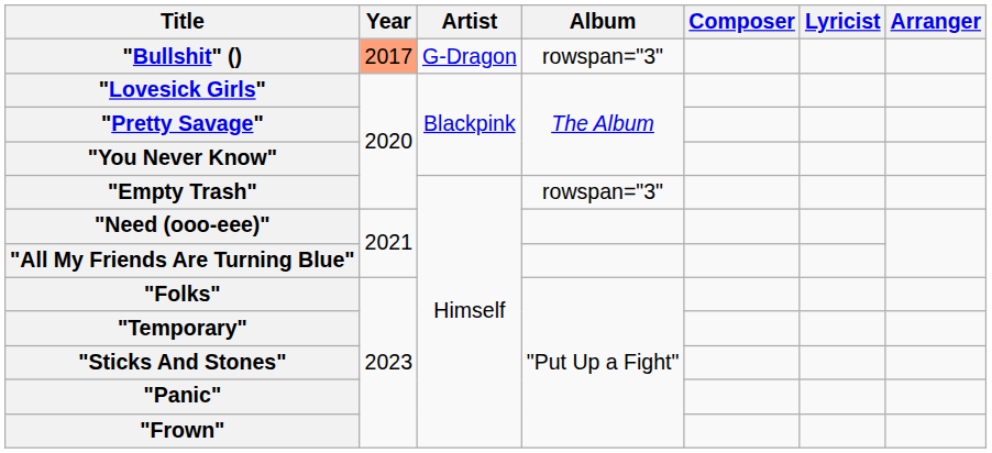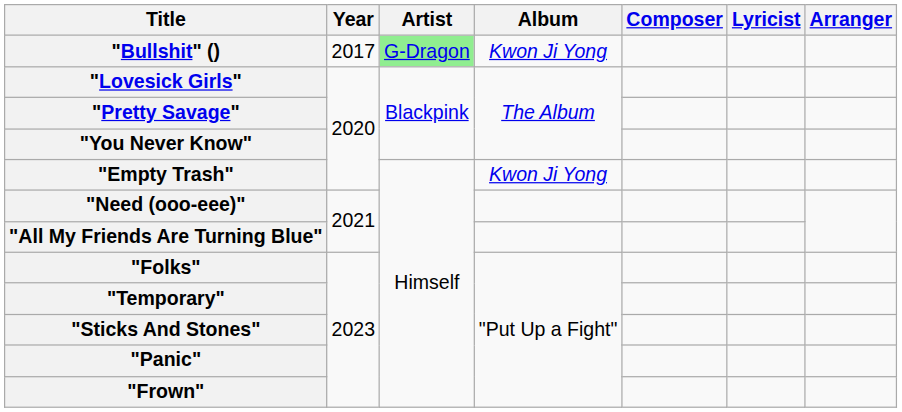 <table class="wikitable plainrowheaders" style="text-align:center">
 <tr>
 <th scope="col">Title</th>
 <th scope="col">Year</th>
 <th scope="col">Artist</th>
 <th scope="col">Album</th>
 <th scope="col"><a href='#'>Composer</a></th>
 <th scope="col"><a href='#'>Lyricist</a></th>
 <th scope="col"><a href='#'>Arranger</a></th>
 </tr>
 <tr>
 <th scope="row">"<a href='#'>Bullshit</a>" ()</th>
-<td style="background: lightsalmon;">2017</td>
-<td><a href='#'>G-Dragon</a></td>
-<td>rowspan="3" </td>
+<td>2017</td>
+<td style="background: lightgreen;"><a href='#'>G-Dragon</a></td>
+<td><em><a href='#'>Kwon Ji Yong</a></em></td>
 <td></td>
 <td></td>
 <td></td>
 </tr>
 <tr>
 <th scope="row">"<a href='#'>Lovesick Girls</a>"</th>
 <td rowspan="4">2020</td>
 <td rowspan="3"><a href='#'>Blackpink</a></td>
 <td rowspan="3"><em><a href='#'>The Album</a></em></td>
 <td></td>
 <td></td>
 <td></td>
 </tr>
 <tr>
 <th scope="row">"<a href='#'>Pretty Savage</a>"</th>
 <td></td>
 <td></td>
 <td></td>
 </tr>
 <tr>
 <th scope="row">"You Never Know"</th>
 <td></td>
 <td></td>
 <td></td>
 </tr>
 <tr>
 <th scope="row">"Empty Trash"</th>
 <td rowspan="8">Himself</td>
-<td>rowspan="3" </td>
+<td><em><a href='#'>Kwon Ji Yong</a></em></td>
 <td></td>
 <td></td>
 <td></td>
 </tr>
 <tr>
 <th scope="row">"Need (ooo-eee)"</th>
 <td rowspan="2">2021</td>
 <td></td>
 <td></td>
 <td></td>
 </tr>
 <tr>
 <th scope="row">"All My Friends Are Turning Blue"</th>
 <td></td>
 <td></td>
 <td></td>
 </tr>
 <tr>
 <th scope="row">"Folks"</th>
 <td rowspan="5">2023</td>
 <td rowspan="5">"Put Up a Fight"</td>
 <td></td>
 <td></td>
 <td></td>
 </tr>
 <tr>
 <th scope="row">"Temporary"</th>
 <td></td>
 <td></td>
 <td></td>
 </tr>
 <tr>
 <th scope="row">"Sticks And Stones"</th>
 <td></td>
 <td></td>
 <td></td>
 </tr>
 <tr>
 <th scope="row">"Panic"</th>
 <td></td>
 <td></td>
 <td></td>
 </tr>
 <tr>
 <th scope="row">"Frown"</th>
 <td></td>
 <td></td>
 <td></td>
 </tr>
 </table>
